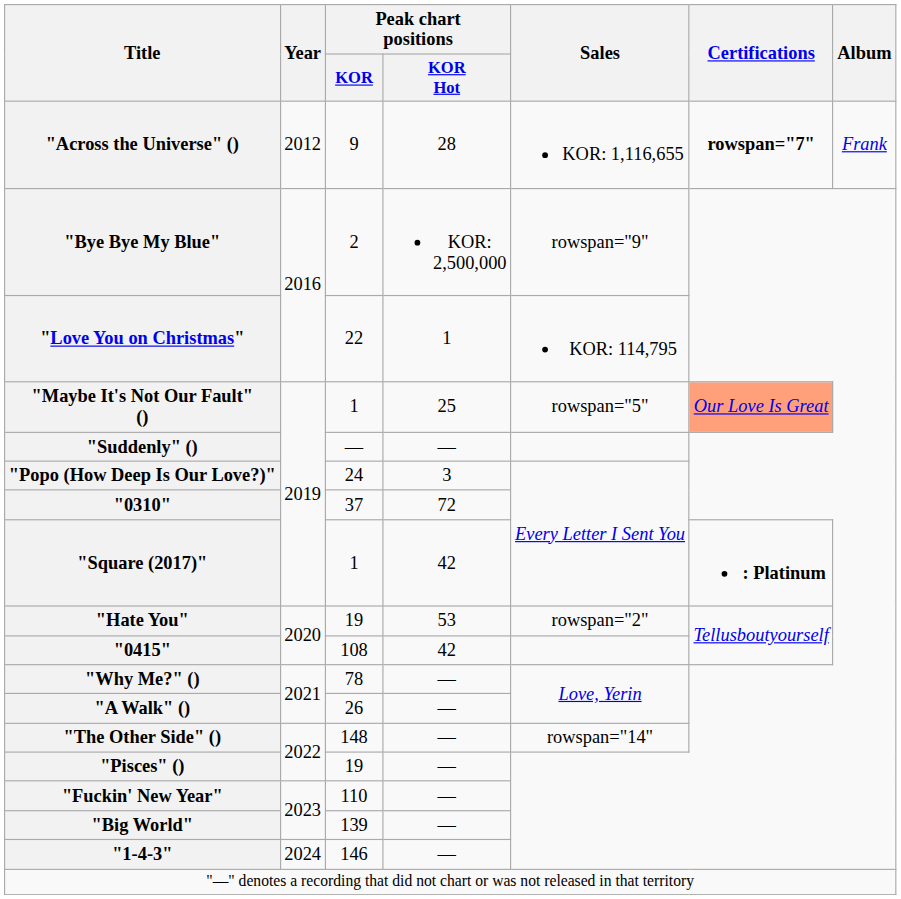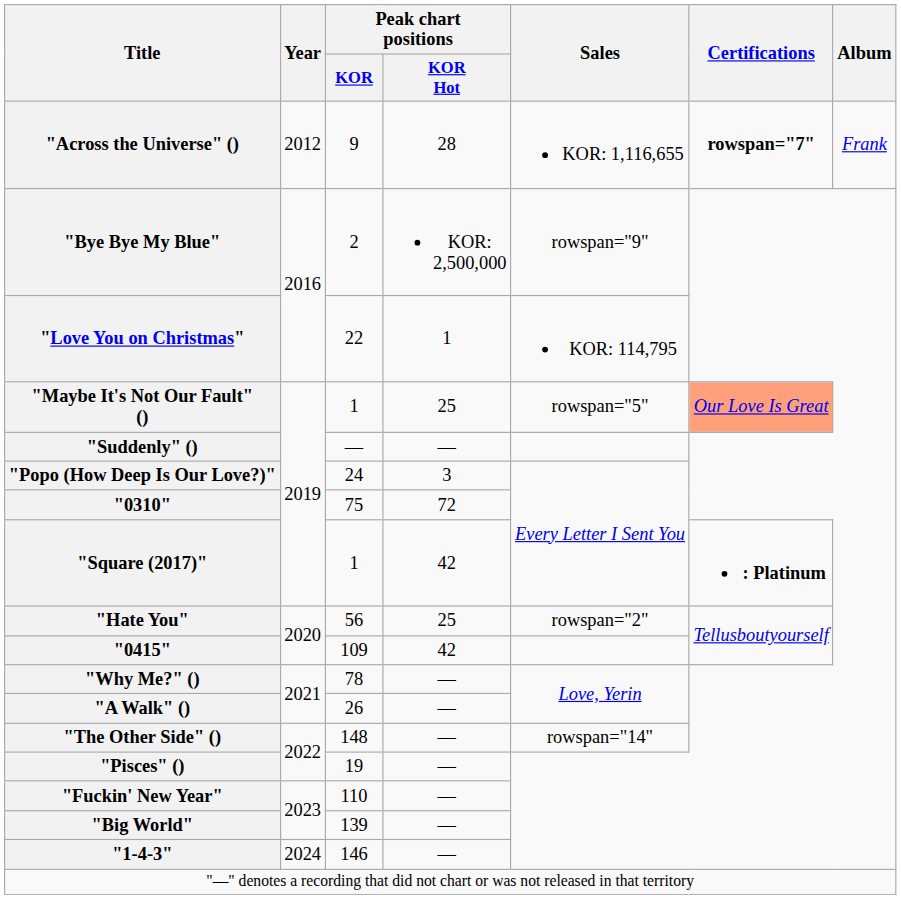 <table class="wikitable plainrowheaders" style="text-align:center">
 <tr>
 <th scope="col" rowspan="2">Title</th>
 <th scope="col" rowspan="2">Year</th>
 <th scope="col" colspan="2">Peak chart<br>positions</th>
 <th scope="col" rowspan="2">Sales<br></th>
 <th scope="col" rowspan="2"><a href='#'>Certifications</a><br></th>
 <th scope="col" rowspan="2">Album</th>
 </tr>
 <tr>
 <th scope="col" style="width:3em;font-size:90%;"><a href='#'>KOR</a><br></th>
 <th scope="col" style="width:3em;font-size:90%;"><a href='#'>KOR<br>Hot</a><br></th>
 </tr>
 <tr>
 <th scope="row">"Across the Universe" ()</th>
 <td>2012</td>
 <td>9</td>
 <td>28</td>
 <td><br><ul><li>KOR: 1,116,655</li></ul></td>
 <td><strong>rowspan="7" </strong></td>
 <td><em><a href='#'>Frank</a></em></td>
 </tr>
 <tr>
 <th scope="row">"Bye Bye My Blue"</th>
 <td rowspan="2">2016</td>
 <td>2</td>
 <td><br><ul><li>KOR: 2,500,000</li></ul></td>
 <td>rowspan="9" </td>
 </tr>
 <tr>
 <th scope="row">"<a href='#'>Love You on Christmas</a>"</th>
 <td>22</td>
 <td>1</td>
 <td><br><ul><li>KOR: 114,795</li></ul></td>
 </tr>
 <tr>
 <th scope="row">"Maybe It's Not Our Fault" <br> ()</th>
 <td rowspan="5">2019</td>
 <td>1</td>
 <td>25</td>
 <td>rowspan="5" </td>
 <td style="background: lightsalmon;"><em><a href='#'>Our Love Is Great</a></em></td>
 </tr>
 <tr>
 <th scope="row">"Suddenly" () </th>
 <td>—</td>
 <td>—</td>
 <td></td>
 </tr>
 <tr>
 <th scope="row">"Popo (How Deep Is Our Love?)"</th>
 <td>24</td>
 <td>3</td>
 <td rowspan="3"><em><a href='#'>Every Letter I Sent You</a></em></td>
 </tr>
 <tr>
 <th scope="row">"0310"</th>
-<td>37</td>
+<td>75</td>
 <td>72</td>
 </tr>
 <tr>
 <th scope="row">"Square (2017)"</th>
 <td>1</td>
 <td>42</td>
 <td><strong><br><ul><li><a href='#'></a>: Platinum</li></ul></strong></td>
 </tr>
 <tr>
 <th scope="row">"Hate You"</th>
 <td rowspan="2">2020</td>
-<td>19</td>
-<td>53</td>
+<td>56</td>
+<td>25</td>
 <td>rowspan="2" </td>
 <td rowspan="2"><em><a href='#'>Tellusboutyourself</a></em></td>
 </tr>
 <tr>
 <th scope="row">"0415"</th>
-<td>108</td>
+<td>109</td>
 <td>42</td>
 </tr>
 <tr>
 <th scope="row">"Why Me?" ()</th>
 <td rowspan="2">2021</td>
 <td>78</td>
 <td>—</td>
 <td rowspan="2"><em><a href='#'>Love, Yerin</a></em></td>
 </tr>
 <tr>
 <th scope="row">"A Walk" ()</th>
 <td>26</td>
 <td>—</td>
 </tr>
 <tr>
 <th scope="row">"The Other Side" () </th>
 <td rowspan="2">2022</td>
 <td>148</td>
 <td>—</td>
 <td>rowspan="14" </td>
 </tr>
 <tr>
 <th scope="row">"Pisces" ()</th>
 <td>19</td>
 <td>—</td>
 </tr>
 <tr>
 <th scope="row">"Fuckin' New Year"</th>
 <td rowspan="2">2023</td>
 <td>110</td>
 <td>—</td>
 </tr>
 <tr>
 <th scope="row">"Big World"</th>
 <td>139</td>
 <td>—</td>
 </tr>
 <tr>
 <th scope="row">"1-4-3"</th>
 <td>2024</td>
 <td>146</td>
 <td>—</td>
 </tr>
 <tr>
 <td colspan="7" style="font-size:85%">"—" denotes a recording that did not chart or was not released in that territory</td>
 </tr>
 </table>
